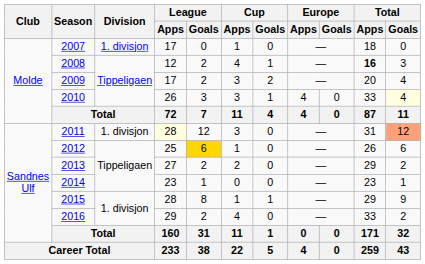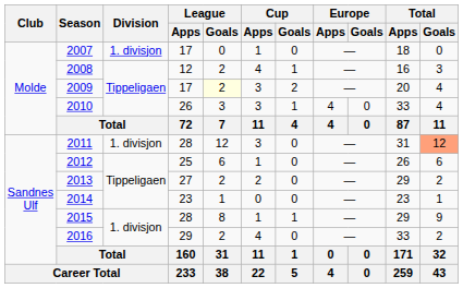 <table class="wikitable" style="text-align: center;">
 <tr>
 <th rowspan="2">Club</th>
 <th rowspan="2">Season</th>
 <th rowspan="2">Division</th>
 <th colspan="2">League</th>
 <th colspan="2">Cup</th>
 <th colspan="2">Europe</th>
 <th colspan="2">Total</th>
 </tr>
 <tr>
 <th>Apps</th>
 <th>Goals</th>
 <th>Apps</th>
 <th>Goals</th>
 <th>Apps</th>
 <th>Goals</th>
 <th>Apps</th>
 <th>Goals</th>
 </tr>
 <tr>
 <td rowspan="5" valign="center"><a href='#'>Molde</a></td>
 <td><a href='#'>2007</a></td>
 <td><a href='#'>1. divisjon</a></td>
 <td>17</td>
 <td>0</td>
 <td>1</td>
 <td>0</td>
 <td colspan=2>—</td>
 <td>18</td>
 <td>0</td>
 </tr>
 <tr>
 <td><a href='#'>2008</a></td>
 <td rowspan="3" valign="center"><a href='#'>Tippeligaen</a></td>
 <td>12</td>
 <td>2</td>
 <td>4</td>
 <td>1</td>
 <td colspan=2>—</td>
-<td><strong>16</strong></td>
+<td>16</td>
 <td>3</td>
 </tr>
 <tr>
 <td><a href='#'>2009</a></td>
 <td>17</td>
-<td>2</td>
+<td style="background: lightyellow;">2</td>
 <td>3</td>
 <td>2</td>
 <td colspan=2>—</td>
 <td>20</td>
 <td>4</td>
 </tr>
 <tr>
 <td><a href='#'>2010</a></td>
 <td>26</td>
 <td>3</td>
 <td>3</td>
 <td>1</td>
 <td>4</td>
 <td>0</td>
 <td>33</td>
-<td style="background: lightyellow;">4</td>
+<td>4</td>
 </tr>
 <tr>
 <th colspan=2>Total</th>
 <th>72</th>
 <th>7</th>
 <th>11</th>
 <th>4</th>
 <th>4</th>
 <th>0</th>
 <th>87</th>
 <th>11</th>
 </tr>
 <tr>
 <td rowspan="7" valign="center"><a href='#'>Sandnes Ulf</a></td>
 <td><a href='#'>2011</a></td>
 <td rowspan="1" valign="center">1. divisjon</td>
-<td style="background: lightyellow;">28</td>
+<td>28</td>
 <td>12</td>
 <td>3</td>
 <td>0</td>
 <td colspan=2>—</td>
 <td>31</td>
 <td style="background: lightsalmon;">12</td>
 </tr>
 <tr>
 <td><a href='#'>2012</a></td>
 <td rowspan="3" valign="center">Tippeligaen</td>
 <td>25</td>
-<td style="background: gold;">6</td>
+<td>6</td>
 <td>1</td>
 <td>0</td>
 <td colspan=2>—</td>
 <td>26</td>
 <td>6</td>
 </tr>
 <tr>
 <td><a href='#'>2013</a></td>
 <td>27</td>
 <td>2</td>
 <td>2</td>
 <td>0</td>
 <td colspan=2>—</td>
 <td>29</td>
 <td>2</td>
 </tr>
 <tr>
 <td><a href='#'>2014</a></td>
 <td>23</td>
 <td>1</td>
 <td>0</td>
 <td>0</td>
 <td colspan=2>—</td>
 <td>23</td>
 <td>1</td>
 </tr>
 <tr>
 <td><a href='#'>2015</a></td>
 <td rowspan="2" valign="center">1. divisjon</td>
 <td>28</td>
 <td>8</td>
 <td>1</td>
 <td>1</td>
 <td colspan=2>—</td>
 <td>29</td>
 <td>9</td>
 </tr>
 <tr>
 <td><a href='#'>2016</a></td>
 <td>29</td>
 <td>2</td>
 <td>4</td>
 <td>0</td>
 <td colspan=2>—</td>
 <td>33</td>
 <td>2</td>
 </tr>
 <tr>
 <th colspan=2>Total</th>
 <th>160</th>
 <th>31</th>
 <th>11</th>
 <th>1</th>
 <th>0</th>
 <th>0</th>
 <th>171</th>
 <th>32</th>
 </tr>
 <tr>
 <th colspan="3">Career Total</th>
 <th>233</th>
 <th>38</th>
 <th>22</th>
 <th>5</th>
 <th>4</th>
 <th>0</th>
 <th>259</th>
 <th>43</th>
 </tr>
 </table>
